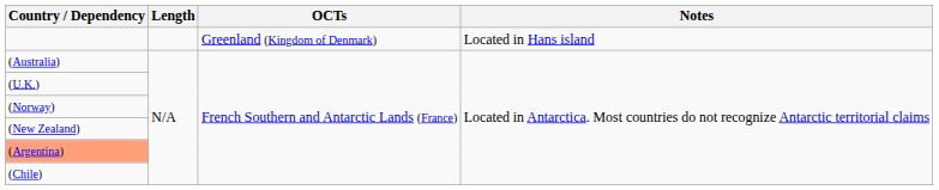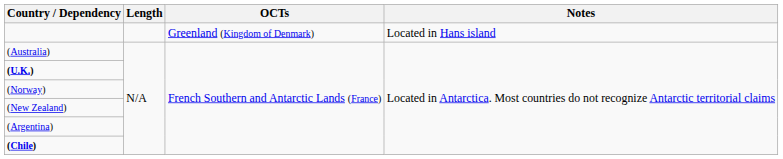 <table class="wikitable sortable">
 <tr>
 <th>Country / Dependency</th>
 <th>Length</th>
 <th class="unsortable">OCTs</th>
 <th>Notes</th>
 </tr>
 <tr>
 <td></td>
 <td></td>
 <td><a href='#'>Greenland</a> <small>(<a href='#'>Kingdom of Denmark</a>)</small></td>
 <td>Located in <a href='#'>Hans island</a></td>
 </tr>
 <tr>
 <td> <small>(<a href='#'>Australia</a>)</small></td>
 <td rowspan="6" align="left">N/A</td>
 <td rowspan="6" align="left"><a href='#'>French Southern and Antarctic Lands</a> <small>(<a href='#'>France</a>)</small></td>
 <td rowspan="6" align="left">Located in <a href='#'>Antarctica</a>. Most countries do not recognize <a href='#'>Antarctic territorial claims</a></td>
 </tr>
 <tr>
-<td> <small>(<a href='#'>U.K.</a>)</small></td>
+<td><strong> <small>(<a href='#'>U.K.</a>)</small></strong></td>
 </tr>
 <tr>
 <td> <small>(<a href='#'>Norway</a>)</small></td>
 </tr>
 <tr>
 <td> <small>(<a href='#'>New Zealand</a>)</small></td>
 </tr>
 <tr>
-<td style="background: lightsalmon;"> <small>(<a href='#'>Argentina</a>)</small></td>
+<td> <small>(<a href='#'>Argentina</a>)</small></td>
 </tr>
 <tr>
-<td> <small>(<a href='#'>Chile</a>)</small></td>
+<td><strong> <small>(<a href='#'>Chile</a>)</small></strong></td>
 </tr>
 </table>
